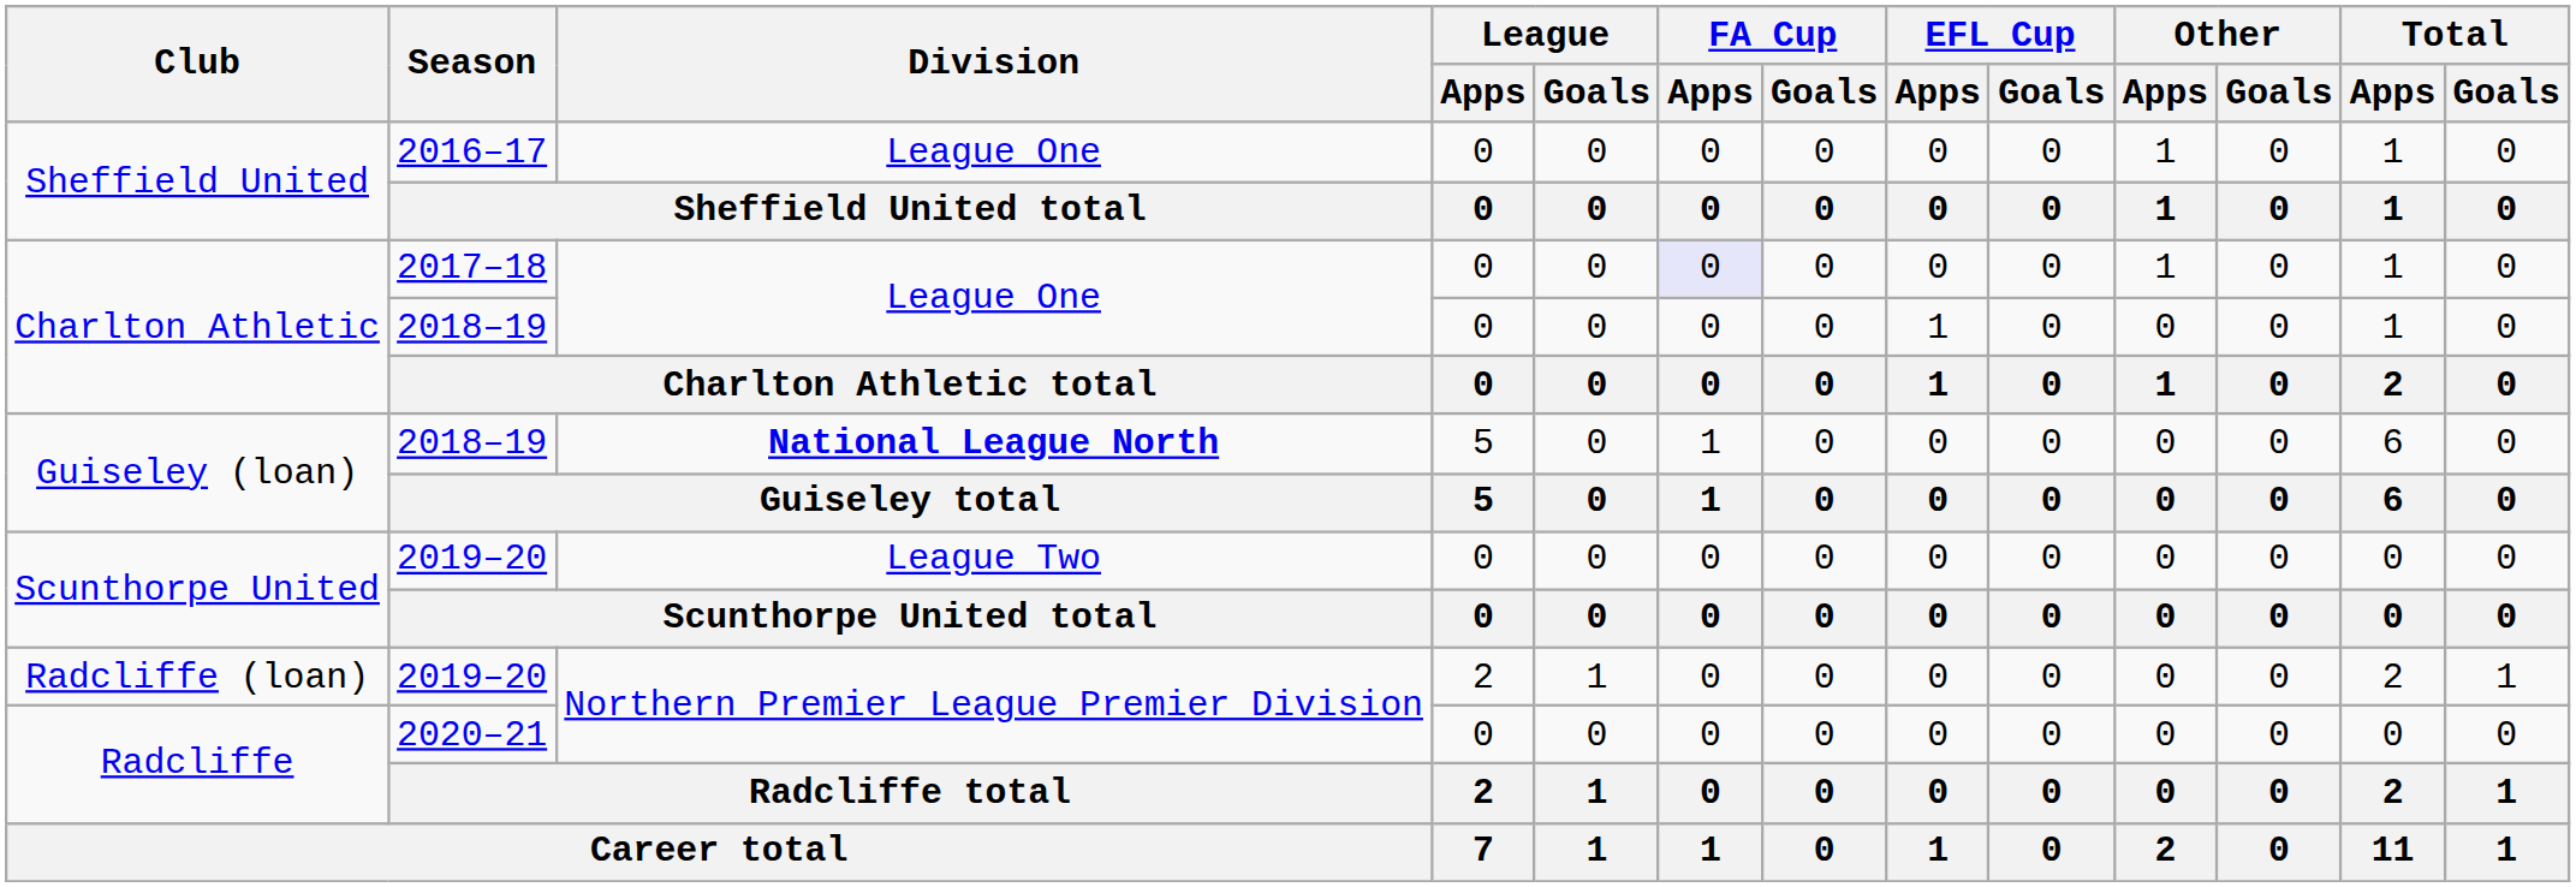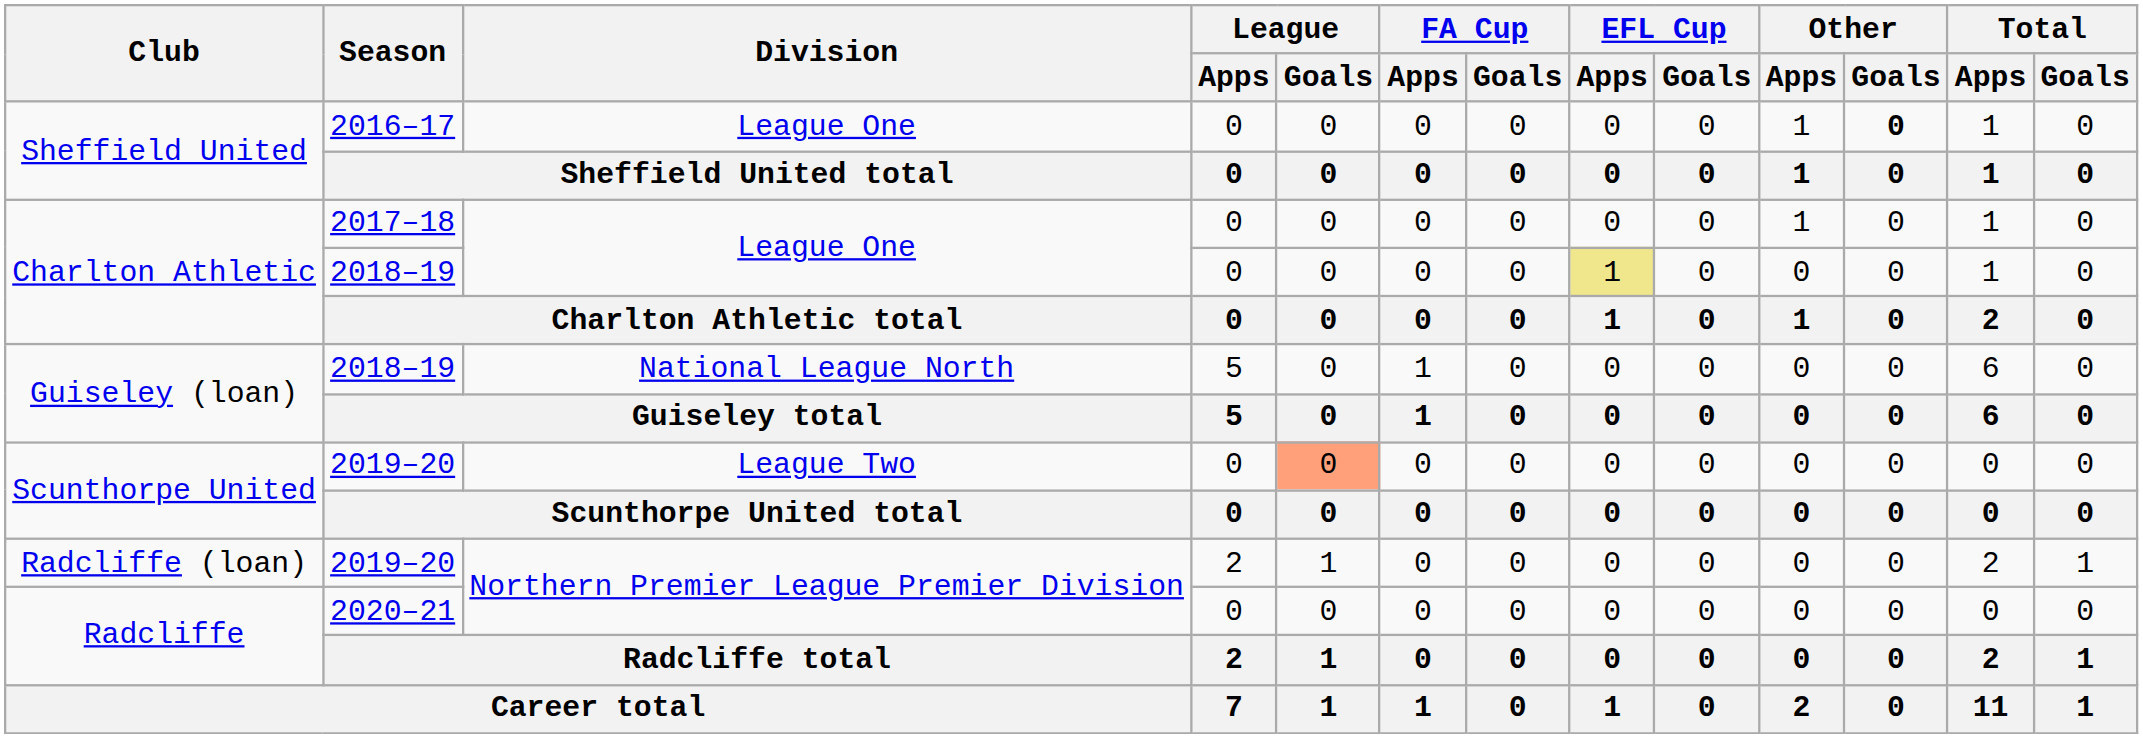 <table class="wikitable" style="text-align:center;">
 <tr>
 <th rowspan="2">Club</th>
 <th rowspan="2">Season</th>
 <th rowspan="2">Division</th>
 <th colspan="2">League</th>
 <th colspan="2"><a href='#'>FA Cup</a></th>
 <th colspan="2"><a href='#'>EFL Cup</a></th>
 <th colspan="2">Other</th>
 <th colspan="2">Total</th>
 </tr>
 <tr>
 <th>Apps</th>
 <th>Goals</th>
 <th>Apps</th>
 <th>Goals</th>
 <th>Apps</th>
 <th>Goals</th>
 <th>Apps</th>
 <th>Goals</th>
 <th>Apps</th>
 <th>Goals</th>
 </tr>
 <tr>
 <td rowspan=2><a href='#'>Sheffield United</a></td>
 <td><a href='#'>2016–17</a></td>
 <td><a href='#'>League One</a></td>
 <td>0</td>
 <td>0</td>
 <td>0</td>
 <td>0</td>
 <td>0</td>
 <td>0</td>
 <td>1</td>
-<td>0</td>
+<td><strong>0</strong></td>
 <td>1</td>
 <td>0</td>
 </tr>
 <tr>
 <th colspan=2>Sheffield United total</th>
 <th>0</th>
 <th>0</th>
 <th>0</th>
 <th>0</th>
 <th>0</th>
 <th>0</th>
 <th>1</th>
 <th>0</th>
 <th>1</th>
 <th>0</th>
 </tr>
 <tr>
 <td rowspan=3><a href='#'>Charlton Athletic</a></td>
 <td><a href='#'>2017–18</a></td>
 <td rowspan=2><a href='#'>League One</a></td>
 <td>0</td>
 <td>0</td>
-<td style="background: lavender;">0</td>
+<td>0</td>
 <td>0</td>
 <td>0</td>
 <td>0</td>
 <td>1</td>
 <td>0</td>
 <td>1</td>
 <td>0</td>
 </tr>
 <tr>
 <td><a href='#'>2018–19</a></td>
 <td>0</td>
 <td>0</td>
 <td>0</td>
 <td>0</td>
-<td>1</td>
+<td style="background: khaki;">1</td>
 <td>0</td>
 <td>0</td>
 <td>0</td>
 <td>1</td>
 <td>0</td>
 </tr>
 <tr>
 <th colspan=2>Charlton Athletic total</th>
 <th>0</th>
 <th>0</th>
 <th>0</th>
 <th>0</th>
 <th>1</th>
 <th>0</th>
 <th>1</th>
 <th>0</th>
 <th>2</th>
 <th>0</th>
 </tr>
 <tr>
 <td rowspan=2><a href='#'>Guiseley</a> (loan)</td>
 <td><a href='#'>2018–19</a></td>
-<td><strong><a href='#'>National League North</a></strong></td>
+<td><a href='#'>National League North</a></td>
 <td>5</td>
 <td>0</td>
 <td>1</td>
 <td>0</td>
 <td>0</td>
 <td>0</td>
 <td>0</td>
 <td>0</td>
 <td>6</td>
 <td>0</td>
 </tr>
 <tr>
 <th colspan=2>Guiseley total</th>
 <th>5</th>
 <th>0</th>
 <th>1</th>
 <th>0</th>
 <th>0</th>
 <th>0</th>
 <th>0</th>
 <th>0</th>
 <th>6</th>
 <th>0</th>
 </tr>
 <tr>
 <td rowspan=2><a href='#'>Scunthorpe United</a></td>
 <td><a href='#'>2019–20</a></td>
 <td><a href='#'>League Two</a></td>
 <td>0</td>
-<td>0</td>
+<td style="background: lightsalmon;">0</td>
 <td>0</td>
 <td>0</td>
 <td>0</td>
 <td>0</td>
 <td>0</td>
 <td>0</td>
 <td>0</td>
 <td>0</td>
 </tr>
 <tr>
 <th colspan=2>Scunthorpe United total</th>
 <th>0</th>
 <th>0</th>
 <th>0</th>
 <th>0</th>
 <th>0</th>
 <th>0</th>
 <th>0</th>
 <th>0</th>
 <th>0</th>
 <th>0</th>
 </tr>
 <tr>
 <td><a href='#'>Radcliffe</a> (loan)</td>
 <td><a href='#'>2019–20</a></td>
 <td rowspan=2><a href='#'>Northern Premier League Premier Division</a></td>
 <td>2</td>
 <td>1</td>
 <td>0</td>
 <td>0</td>
 <td>0</td>
 <td>0</td>
 <td>0</td>
 <td>0</td>
 <td>2</td>
 <td>1</td>
 </tr>
 <tr>
 <td rowspan=2><a href='#'>Radcliffe</a></td>
 <td><a href='#'>2020–21</a></td>
 <td>0</td>
 <td>0</td>
 <td>0</td>
 <td>0</td>
 <td>0</td>
 <td>0</td>
 <td>0</td>
 <td>0</td>
 <td>0</td>
 <td>0</td>
 </tr>
 <tr>
 <th colspan=2>Radcliffe total</th>
 <th>2</th>
 <th>1</th>
 <th>0</th>
 <th>0</th>
 <th>0</th>
 <th>0</th>
 <th>0</th>
 <th>0</th>
 <th>2</th>
 <th>1</th>
 </tr>
 <tr>
 <th colspan="3">Career total</th>
 <th>7</th>
 <th>1</th>
 <th>1</th>
 <th>0</th>
 <th>1</th>
 <th>0</th>
 <th>2</th>
 <th>0</th>
 <th>11</th>
 <th>1</th>
 </tr>
 </table>
